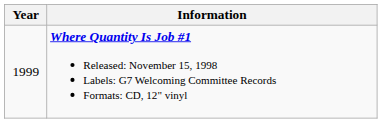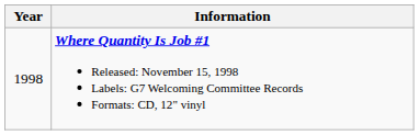 <table class="wikitable">
 <tr>
 <th rowspan="1" width="44">Year</th>
 <th rowspan="1" width="390">Information</th>
 </tr>
 <tr>
-<td align=center width="44">1999</td>
+<td align=center width="44">1998</td>
 <td width="390"><strong><em><a href='#'>Where Quantity Is Job #1</a></em></strong><br><ul><li><small>Released: November 15, 1998</small></li><li><small>Labels: G7 Welcoming Committee Records</small></li><li><small>Formats: CD, 12" vinyl</small></li></ul></td>
 </tr>
 </table>
